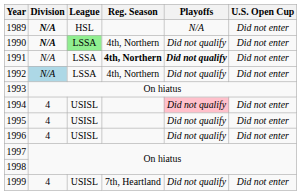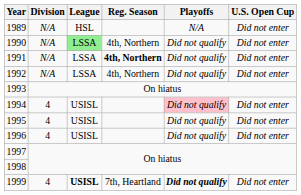 <table class="wikitable" style="text-align:center">
 <tr>
 <th>Year</th>
 <th>Division</th>
 <th>League</th>
 <th>Reg. Season</th>
 <th>Playoffs</th>
 <th>U.S. Open Cup</th>
 </tr>
 <tr>
 <td>1989</td>
-<td><strong><em>N/A</em></strong></td>
+<td><em>N/A</em></td>
 <td>HSL</td>
 <td></td>
 <td><em>N/A</em></td>
 <td><em>Did not enter</em></td>
 </tr>
 <tr>
 <td>1990</td>
-<td><strong><em>N/A</em></strong></td>
+<td><em>N/A</em></td>
 <td style="background: lightgreen;">LSSA</td>
 <td>4th, Northern</td>
 <td><em>Did not qualify</em></td>
 <td><em>Did not enter</em></td>
 </tr>
 <tr>
 <td>1991</td>
 <td><em>N/A</em></td>
 <td>LSSA</td>
 <td><strong>4th, Northern</strong></td>
-<td><strong><em>Did not qualify</em></strong></td>
+<td><em>Did not qualify</em></td>
 <td><em>Did not enter</em></td>
 </tr>
 <tr>
 <td>1992</td>
-<td style="background: lightblue;"><em>N/A</em></td>
+<td><em>N/A</em></td>
 <td>LSSA</td>
 <td>4th, Northern</td>
 <td><em>Did not qualify</em></td>
 <td><em>Did not enter</em></td>
 </tr>
 <tr>
 <td>1993</td>
 <td colspan=5>On hiatus</td>
 </tr>
 <tr>
 <td>1994</td>
 <td>4</td>
 <td>USISL</td>
 <td></td>
 <td style="background: pink;"><em>Did not qualify</em></td>
 <td><em>Did not enter</em></td>
 </tr>
 <tr>
 <td>1995</td>
 <td>4</td>
 <td>USISL</td>
 <td></td>
 <td><em>Did not qualify</em></td>
 <td><em>Did not enter</em></td>
 </tr>
 <tr>
 <td>1996</td>
 <td>4</td>
 <td>USISL</td>
 <td></td>
 <td><em>Did not qualify</em></td>
 <td><em>Did not enter</em></td>
 </tr>
 <tr>
 <td>1997</td>
 <td colspan=5 rowspan=2>On hiatus</td>
 </tr>
 <tr>
 <td>1998</td>
 </tr>
 <tr>
 <td>1999</td>
 <td>4</td>
-<td>USISL</td>
+<td><strong>USISL</strong></td>
 <td>7th, Heartland</td>
-<td><em>Did not qualify</em></td>
+<td><strong><em>Did not qualify</em></strong></td>
 <td><em>Did not enter</em></td>
 </tr>
 </table>
